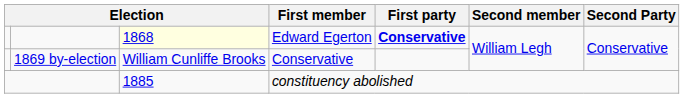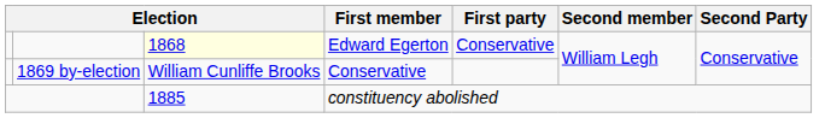 <table class="wikitable">
 <tr>
 <th colspan="3">Election</th>
 <th>First member</th>
 <th>First party</th>
 <th>Second member</th>
 <th>Second Party</th>
 </tr>
 <tr>
 <td style="color:inherit;background-color: "></td>
 <td style="color:inherit;background-color: "></td>
 <td style="background: lightyellow;"><a href='#'>1868</a></td>
 <td><a href='#'>Edward Egerton</a></td>
-<td><strong><a href='#'>Conservative</a></strong></td>
+<td><a href='#'>Conservative</a></td>
 <td rowspan="2"><a href='#'>William Legh</a></td>
 <td rowspan="2"><a href='#'>Conservative</a></td>
 </tr>
 <tr>
 <td style="color:inherit;background-color: "></td>
 <td><a href='#'>1869 by-election</a></td>
 <td><a href='#'>William Cunliffe Brooks</a></td>
 <td><a href='#'>Conservative</a></td>
 </tr>
 <tr>
 <td colspan="2"></td>
 <td><a href='#'>1885</a></td>
 <td colspan="4"><em>constituency abolished</em></td>
 </tr>
 </table>
